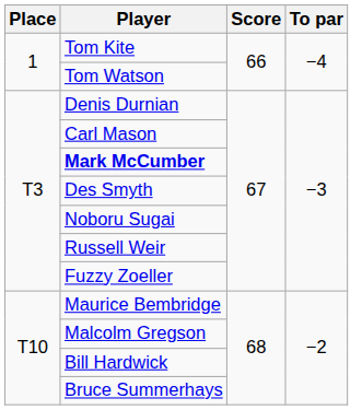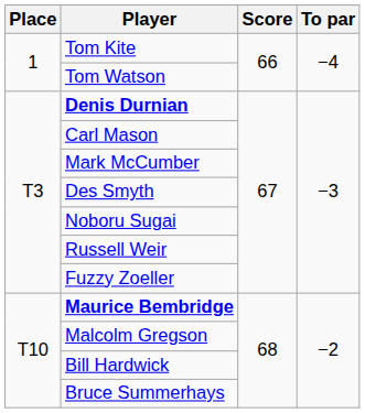 <table class="wikitable">
 <tr>
 <th>Place</th>
 <th>Player</th>
 <th>Score</th>
 <th>To par</th>
 </tr>
 <tr>
 <td rowspan=2 align=center>1</td>
 <td> <a href='#'>Tom Kite</a></td>
 <td rowspan=2 align=center>66</td>
 <td rowspan=2 align=center>−4</td>
 </tr>
 <tr>
 <td> <a href='#'>Tom Watson</a></td>
 </tr>
 <tr>
 <td rowspan=7 align=center>T3</td>
-<td> <a href='#'>Denis Durnian</a></td>
+<td><strong> <a href='#'>Denis Durnian</a></strong></td>
 <td rowspan=7 align=center>67</td>
 <td rowspan=7 align=center>−3</td>
 </tr>
 <tr>
 <td> <a href='#'>Carl Mason</a></td>
 </tr>
 <tr>
-<td><strong> <a href='#'>Mark McCumber</a></strong></td>
+<td> <a href='#'>Mark McCumber</a></td>
 </tr>
 <tr>
 <td> <a href='#'>Des Smyth</a></td>
 </tr>
 <tr>
 <td> <a href='#'>Noboru Sugai</a></td>
 </tr>
 <tr>
 <td> <a href='#'>Russell Weir</a></td>
 </tr>
 <tr>
 <td> <a href='#'>Fuzzy Zoeller</a></td>
 </tr>
 <tr>
 <td rowspan=4 align=center>T10</td>
-<td> <a href='#'>Maurice Bembridge</a></td>
+<td><strong> <a href='#'>Maurice Bembridge</a></strong></td>
 <td rowspan=4 align=center>68</td>
 <td rowspan=4 align=center>−2</td>
 </tr>
 <tr>
 <td> <a href='#'>Malcolm Gregson</a></td>
 </tr>
 <tr>
 <td> <a href='#'>Bill Hardwick</a></td>
 </tr>
 <tr>
 <td> <a href='#'>Bruce Summerhays</a></td>
 </tr>
 </table>
